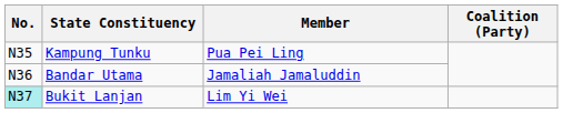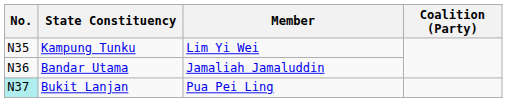 <table class="wikitable">
 <tr>
 <th width="30">No.</th>
 <th width="150">State Constituency</th>
 <th width="230">Member</th>
 <th width="100">Coalition (Party)</th>
 </tr>
 <tr>
 <td>N35</td>
 <td><a href='#'>Kampung Tunku</a></td>
-<td><a href='#'>Pua Pei Ling</a></td>
+<td><a href='#'>Lim Yi Wei</a></td>
 <td rowspan="2"></td>
 </tr>
 <tr>
 <td>N36</td>
 <td><a href='#'>Bandar Utama</a></td>
 <td><a href='#'>Jamaliah Jamaluddin</a></td>
 </tr>
 <tr>
 <td style="background: paleturquoise;">N37</td>
 <td><a href='#'>Bukit Lanjan</a></td>
-<td><a href='#'>Lim Yi Wei</a></td>
+<td><a href='#'>Pua Pei Ling</a></td>
 <td></td>
 </tr>
 </table>
